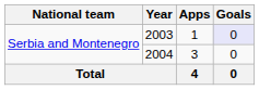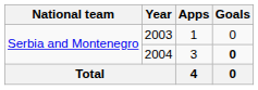 <table class="wikitable" style="text-align:center">
 <tr>
 <th>National team</th>
 <th>Year</th>
 <th>Apps</th>
 <th>Goals</th>
 </tr>
 <tr>
 <td rowspan="2"><a href='#'>Serbia and Montenegro</a></td>
 <td>2003</td>
 <td>1</td>
-<td style="background: lavender;">0</td>
+<td>0</td>
 </tr>
 <tr>
 <td>2004</td>
 <td>3</td>
-<td>0</td>
+<td><strong>0</strong></td>
 </tr>
 <tr>
 <th colspan="2">Total</th>
 <th>4</th>
 <th>0</th>
 </tr>
 </table>
